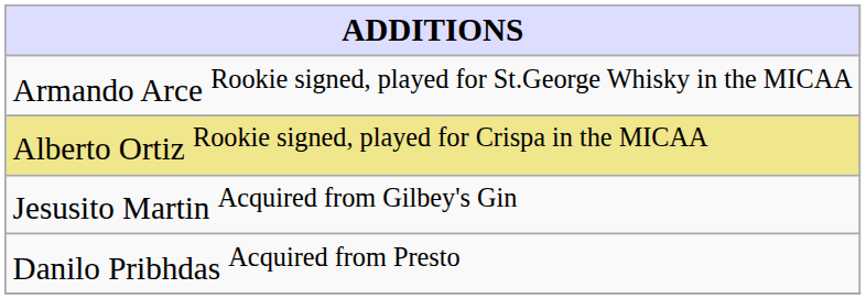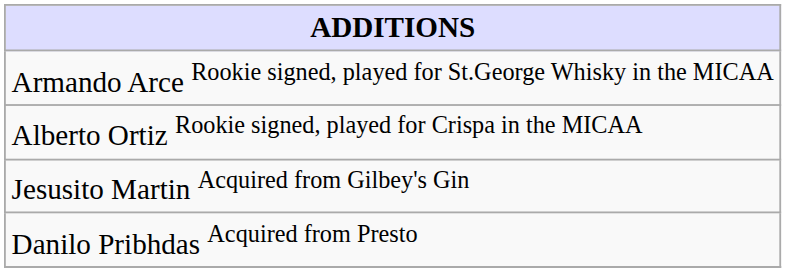 <table class="wikitable" border="1">
 <tr>
 <th style="background:#DDDDFF;"><strong>ADDITIONS</strong></th>
 </tr>
 <tr>
 <td>Armando Arce <sup>Rookie signed, played for St.George Whisky in the MICAA</sup></td>
 </tr>
 <tr>
-<td style="background: khaki;">Alberto Ortiz <sup>Rookie signed, played for Crispa in the MICAA</sup></td>
+<td>Alberto Ortiz <sup>Rookie signed, played for Crispa in the MICAA</sup></td>
 </tr>
 <tr>
 <td>Jesusito Martin <sup>Acquired from Gilbey's Gin</sup></td>
 </tr>
 <tr>
 <td>Danilo Pribhdas <sup>Acquired from Presto</sup></td>
 </tr>
 <tr>
 </tr>
 </table>
